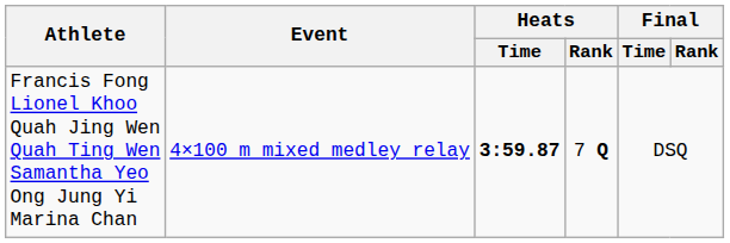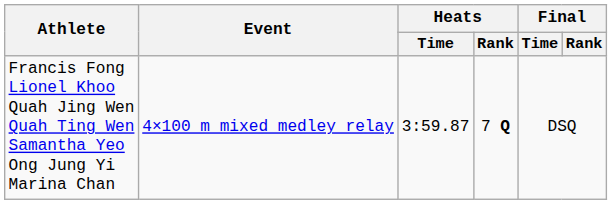 <table class=wikitable style=font-size:90%;text-align:center>
 <tr>
 <th rowspan="2">Athlete</th>
 <th rowspan="2">Event</th>
 <th colspan="2">Heats</th>
 <th colspan="2">Final</th>
 </tr>
 <tr style="font-size:95%">
 <th>Time</th>
 <th>Rank</th>
 <th>Time</th>
 <th>Rank</th>
 </tr>
 <tr>
 <td align=left>Francis Fong<br><a href='#'>Lionel Khoo</a><br>Quah Jing Wen<br><a href='#'>Quah Ting Wen</a><br><a href='#'>Samantha Yeo</a><br>Ong Jung Yi<br>Marina Chan</td>
 <td align=left><a href='#'>4×100 m mixed medley relay</a></td>
-<td><strong>3:59.87</strong></td>
+<td>3:59.87</td>
 <td>7 <strong>Q</strong></td>
 <td colspan=2>DSQ</td>
 </tr>
 </table>
